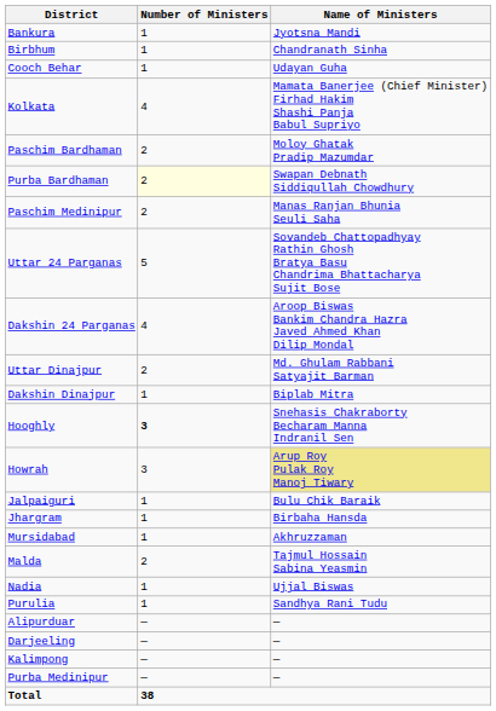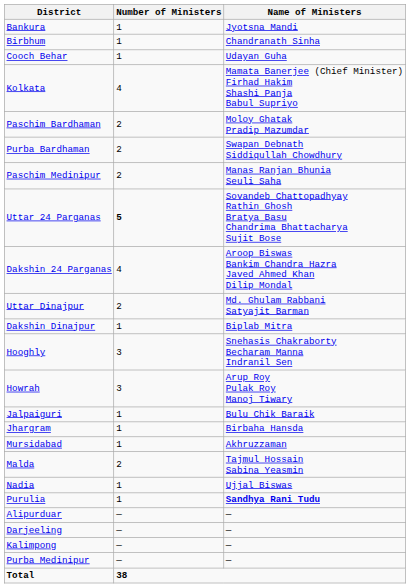 <table class="wikitable sortable">
 <tr>
 <th>District</th>
 <th>Number of Ministers</th>
 <th>Name of Ministers</th>
 </tr>
 <tr>
 <td><a href='#'>Bankura</a></td>
 <td>1</td>
 <td><a href='#'>Jyotsna Mandi</a></td>
 </tr>
 <tr>
 <td><a href='#'>Birbhum</a></td>
 <td>1</td>
 <td><a href='#'>Chandranath Sinha</a></td>
 </tr>
 <tr>
 <td><a href='#'>Cooch Behar</a></td>
 <td>1</td>
 <td><a href='#'>Udayan Guha</a></td>
 </tr>
 <tr>
 <td><a href='#'>Kolkata</a></td>
 <td>4</td>
 <td><a href='#'>Mamata Banerjee</a> (Chief Minister)<br><a href='#'>Firhad Hakim</a><br><a href='#'>Shashi Panja</a><br><a href='#'>Babul Supriyo</a></td>
 </tr>
 <tr>
 <td><a href='#'>Paschim Bardhaman</a></td>
 <td>2</td>
 <td><a href='#'>Moloy Ghatak</a><br><a href='#'>Pradip Mazumdar</a></td>
 </tr>
 <tr>
 <td><a href='#'>Purba Bardhaman</a></td>
-<td style="background: lightyellow;">2</td>
+<td>2</td>
 <td><a href='#'>Swapan Debnath</a><br><a href='#'>Siddiqullah Chowdhury</a></td>
 </tr>
 <tr>
 <td><a href='#'>Paschim Medinipur</a></td>
 <td>2</td>
 <td><a href='#'>Manas Ranjan Bhunia</a><br><a href='#'>Seuli Saha</a></td>
 </tr>
 <tr>
 <td><a href='#'>Uttar 24 Parganas</a></td>
-<td>5</td>
+<td><strong>5</strong></td>
 <td><a href='#'>Sovandeb Chattopadhyay</a><br><a href='#'>Rathin Ghosh</a><br><a href='#'>Bratya Basu</a><br><a href='#'>Chandrima Bhattacharya</a><br><a href='#'>Sujit Bose</a></td>
 </tr>
 <tr>
 <td><a href='#'>Dakshin 24 Parganas</a></td>
 <td>4</td>
 <td><a href='#'>Aroop Biswas</a><br><a href='#'>Bankim Chandra Hazra</a><br><a href='#'>Javed Ahmed Khan</a><br><a href='#'>Dilip Mondal</a></td>
 </tr>
 <tr>
 <td><a href='#'>Uttar Dinajpur</a></td>
 <td>2</td>
 <td><a href='#'>Md. Ghulam Rabbani</a><br><a href='#'>Satyajit Barman</a></td>
 </tr>
 <tr>
 <td><a href='#'>Dakshin Dinajpur</a></td>
 <td>1</td>
 <td><a href='#'>Biplab Mitra</a></td>
 </tr>
 <tr>
 <td><a href='#'>Hooghly</a></td>
-<td><strong>3</strong></td>
+<td>3</td>
 <td><a href='#'>Snehasis Chakraborty</a><br><a href='#'>Becharam Manna</a><br><a href='#'>Indranil Sen</a></td>
 </tr>
 <tr>
 <td><a href='#'>Howrah</a></td>
 <td>3</td>
-<td style="background: khaki;"><a href='#'>Arup Roy</a><br><a href='#'>Pulak Roy</a><br><a href='#'>Manoj Tiwary</a></td>
+<td><a href='#'>Arup Roy</a><br><a href='#'>Pulak Roy</a><br><a href='#'>Manoj Tiwary</a></td>
 </tr>
 <tr>
 <td><a href='#'>Jalpaiguri</a></td>
 <td>1</td>
 <td><a href='#'>Bulu Chik Baraik</a></td>
 </tr>
 <tr>
 <td><a href='#'>Jhargram</a></td>
 <td>1</td>
 <td><a href='#'>Birbaha Hansda</a></td>
 </tr>
 <tr>
 <td><a href='#'>Mursidabad</a></td>
 <td>1</td>
 <td><a href='#'>Akhruzzaman</a></td>
 </tr>
 <tr>
 <td><a href='#'>Malda</a></td>
 <td>2</td>
 <td><a href='#'>Tajmul Hossain</a><br><a href='#'>Sabina Yeasmin</a></td>
 </tr>
 <tr>
 <td><a href='#'>Nadia</a></td>
 <td>1</td>
 <td><a href='#'>Ujjal Biswas</a></td>
 </tr>
 <tr>
 <td><a href='#'>Purulia</a></td>
 <td>1</td>
-<td><a href='#'>Sandhya Rani Tudu</a></td>
+<td><strong><a href='#'>Sandhya Rani Tudu</a></strong></td>
 </tr>
 <tr>
 <td><a href='#'>Alipurduar</a></td>
 <td>—</td>
 <td>—</td>
 </tr>
 <tr>
 <td><a href='#'>Darjeeling</a></td>
 <td>—</td>
 <td>—</td>
 </tr>
 <tr>
 <td><a href='#'>Kalimpong</a></td>
 <td>—</td>
 <td>—</td>
 </tr>
 <tr>
 <td><a href='#'>Purba Medinipur</a></td>
 <td>—</td>
 <td>—</td>
 </tr>
 <tr>
 <td><strong>Total</strong></td>
 <td colspan="2"><strong>38</strong></td>
 </tr>
 </table>
